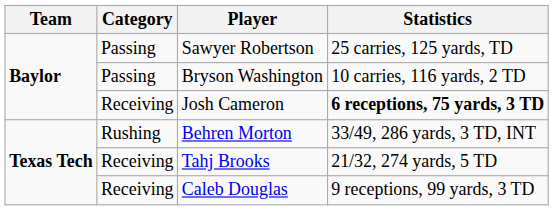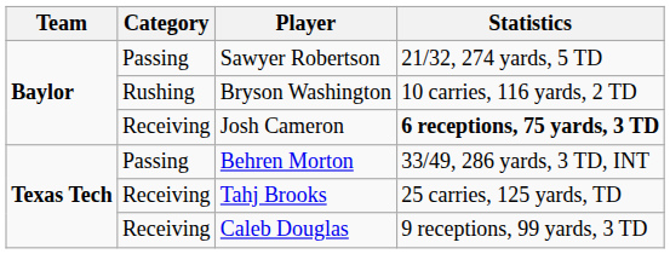 <table class="wikitable" style="float: right;">
 <tr>
 <th>Team</th>
 <th>Category</th>
 <th>Player</th>
 <th>Statistics</th>
 </tr>
 <tr>
 <td rowspan=3><strong>Baylor</strong></td>
 <td>Passing</td>
 <td>Sawyer Robertson</td>
-<td>25 carries, 125 yards, TD</td>
+<td>21/32, 274 yards, 5 TD</td>
 </tr>
 <tr>
-<td>Passing</td>
+<td>Rushing</td>
 <td>Bryson Washington</td>
 <td>10 carries, 116 yards, 2 TD</td>
 </tr>
 <tr>
 <td>Receiving</td>
 <td>Josh Cameron</td>
 <td><strong>6 receptions, 75 yards, 3 TD</strong></td>
 </tr>
 <tr>
 <td rowspan=3><strong>Texas Tech</strong></td>
-<td>Rushing</td>
+<td>Passing</td>
 <td><a href='#'>Behren Morton</a></td>
 <td>33/49, 286 yards, 3 TD, INT</td>
 </tr>
 <tr>
 <td>Receiving</td>
 <td><a href='#'>Tahj Brooks</a></td>
-<td>21/32, 274 yards, 5 TD</td>
+<td>25 carries, 125 yards, TD</td>
 </tr>
 <tr>
 <td>Receiving</td>
 <td><a href='#'>Caleb Douglas</a></td>
 <td>9 receptions, 99 yards, 3 TD</td>
 </tr>
 </table>
